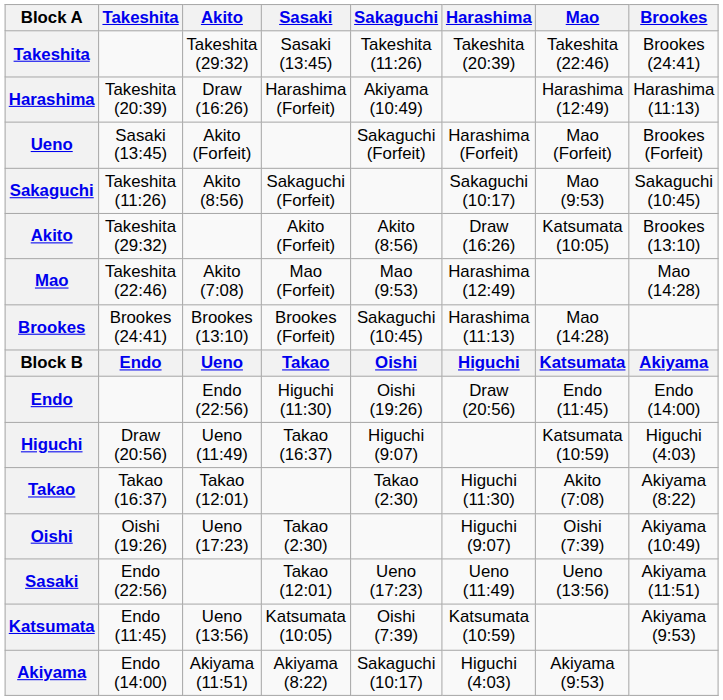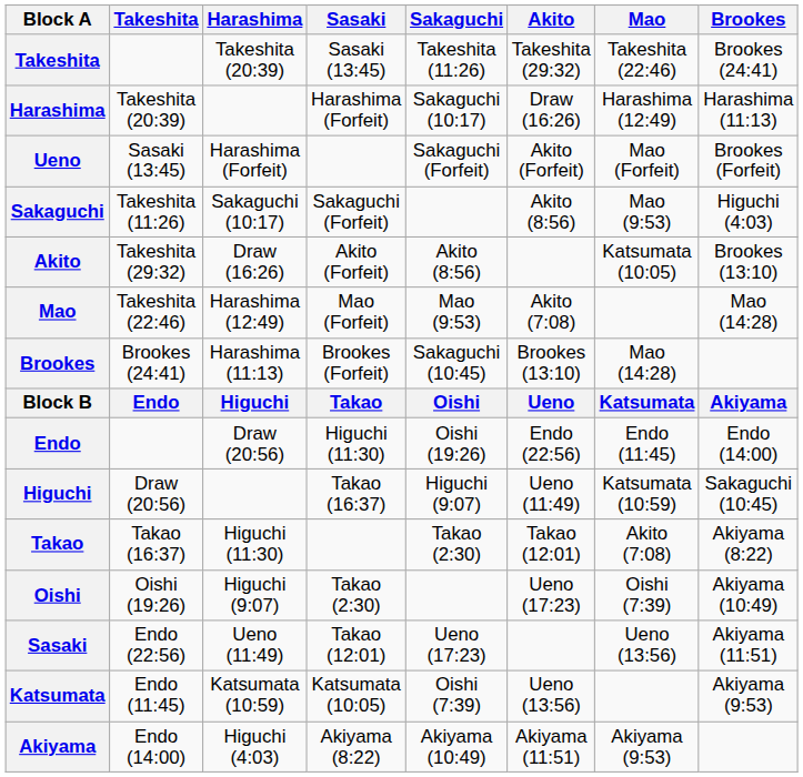 <table class="wikitable" style="margin: 1em auto 1em auto">
 <tr align="center">
 <th>Block A</th>
 <th><a href='#'>Takeshita</a></th>
-<th><a href='#'>Akito</a></th>
+<th><a href='#'>Harashima</a></th>
 <th><a href='#'>Sasaki</a></th>
 <th><a href='#'>Sakaguchi</a></th>
-<th><a href='#'>Harashima</a></th>
+<th><a href='#'>Akito</a></th>
 <th><a href='#'>Mao</a></th>
 <th><a href='#'>Brookes</a></th>
 </tr>
 <tr align="center">
 <th><a href='#'>Takeshita</a></th>
 <td></td>
-<td>Takeshita<br>(29:32)</td>
+<td>Takeshita<br>(20:39)</td>
 <td>Sasaki<br>(13:45)</td>
 <td>Takeshita<br>(11:26)</td>
-<td>Takeshita<br>(20:39)</td>
+<td>Takeshita<br>(29:32)</td>
 <td>Takeshita<br>(22:46)</td>
 <td>Brookes<br>(24:41)</td>
 </tr>
 <tr align="center">
 <th><a href='#'>Harashima</a></th>
 <td>Takeshita<br>(20:39)</td>
+<td></td>
+<td>Harashima<br>(Forfeit)</td>
+<td>Sakaguchi<br>(10:17)</td>
 <td>Draw<br>(16:26)</td>
-<td>Harashima<br>(Forfeit)</td>
-<td>Akiyama<br>(10:49)</td>
-<td></td>
 <td>Harashima<br>(12:49)</td>
 <td>Harashima<br>(11:13)</td>
 </tr>
 <tr align="center">
 <th><a href='#'>Ueno</a></th>
 <td>Sasaki<br>(13:45)</td>
-<td>Akito<br>(Forfeit)</td>
+<td>Harashima<br>(Forfeit)</td>
 <td></td>
 <td>Sakaguchi<br>(Forfeit)</td>
-<td>Harashima<br>(Forfeit)</td>
+<td>Akito<br>(Forfeit)</td>
 <td>Mao<br>(Forfeit)</td>
 <td>Brookes<br>(Forfeit)</td>
 </tr>
 <tr align="center">
 <th><a href='#'>Sakaguchi</a></th>
 <td>Takeshita<br>(11:26)</td>
-<td>Akito<br>(8:56)</td>
+<td>Sakaguchi<br>(10:17)</td>
 <td>Sakaguchi<br>(Forfeit)</td>
 <td></td>
-<td>Sakaguchi<br>(10:17)</td>
+<td>Akito<br>(8:56)</td>
 <td>Mao<br>(9:53)</td>
-<td>Sakaguchi<br>(10:45)</td>
+<td>Higuchi<br>(4:03)</td>
 </tr>
 <tr align="center">
 <th><a href='#'>Akito</a></th>
 <td>Takeshita<br>(29:32)</td>
-<td></td>
+<td>Draw<br>(16:26)</td>
 <td>Akito<br>(Forfeit)</td>
 <td>Akito<br>(8:56)</td>
-<td>Draw<br>(16:26)</td>
+<td></td>
 <td>Katsumata<br>(10:05)</td>
 <td>Brookes<br>(13:10)</td>
 </tr>
 <tr align="center">
 <th><a href='#'>Mao</a></th>
 <td>Takeshita<br>(22:46)</td>
-<td>Akito<br>(7:08)</td>
+<td>Harashima<br>(12:49)</td>
 <td>Mao<br>(Forfeit)</td>
 <td>Mao<br>(9:53)</td>
-<td>Harashima<br>(12:49)</td>
+<td>Akito<br>(7:08)</td>
 <td></td>
 <td>Mao<br>(14:28)</td>
 </tr>
 <tr align="center">
 <th><a href='#'>Brookes</a></th>
 <td>Brookes<br>(24:41)</td>
-<td>Brookes<br>(13:10)</td>
+<td>Harashima<br>(11:13)</td>
 <td>Brookes<br>(Forfeit)</td>
 <td>Sakaguchi<br>(10:45)</td>
-<td>Harashima<br>(11:13)</td>
+<td>Brookes<br>(13:10)</td>
 <td>Mao<br>(14:28)</td>
 <td></td>
 </tr>
 <tr align="center">
 <th>Block B</th>
 <th><a href='#'>Endo</a></th>
-<th><a href='#'>Ueno</a></th>
+<th><a href='#'>Higuchi</a></th>
 <th><a href='#'>Takao</a></th>
 <th><a href='#'>Oishi</a></th>
-<th><a href='#'>Higuchi</a></th>
+<th><a href='#'>Ueno</a></th>
 <th><a href='#'>Katsumata</a></th>
 <th><a href='#'>Akiyama</a></th>
 </tr>
 <tr align="center">
 <th><a href='#'>Endo</a></th>
 <td></td>
-<td>Endo<br>(22:56)</td>
+<td>Draw<br>(20:56)</td>
 <td>Higuchi<br>(11:30)</td>
 <td>Oishi<br>(19:26)</td>
-<td>Draw<br>(20:56)</td>
+<td>Endo<br>(22:56)</td>
 <td>Endo<br>(11:45)</td>
 <td>Endo<br>(14:00)</td>
 </tr>
 <tr align="center">
 <th><a href='#'>Higuchi</a></th>
 <td>Draw<br>(20:56)</td>
-<td>Ueno<br>(11:49)</td>
+<td></td>
 <td>Takao<br>(16:37)</td>
 <td>Higuchi<br>(9:07)</td>
-<td></td>
+<td>Ueno<br>(11:49)</td>
 <td>Katsumata<br>(10:59)</td>
-<td>Higuchi<br>(4:03)</td>
+<td>Sakaguchi<br>(10:45)</td>
 </tr>
 <tr align="center">
 <th><a href='#'>Takao</a></th>
 <td>Takao<br>(16:37)</td>
-<td>Takao<br>(12:01)</td>
+<td>Higuchi<br>(11:30)</td>
 <td></td>
 <td>Takao<br>(2:30)</td>
-<td>Higuchi<br>(11:30)</td>
+<td>Takao<br>(12:01)</td>
 <td>Akito<br>(7:08)</td>
 <td>Akiyama<br>(8:22)</td>
 </tr>
 <tr align="center">
 <th><a href='#'>Oishi</a></th>
 <td>Oishi<br>(19:26)</td>
-<td>Ueno<br>(17:23)</td>
+<td>Higuchi<br>(9:07)</td>
 <td>Takao<br>(2:30)</td>
 <td></td>
-<td>Higuchi<br>(9:07)</td>
+<td>Ueno<br>(17:23)</td>
 <td>Oishi<br>(7:39)</td>
 <td>Akiyama<br>(10:49)</td>
 </tr>
 <tr align="center">
 <th><a href='#'>Sasaki</a></th>
 <td>Endo<br>(22:56)</td>
-<td></td>
+<td>Ueno<br>(11:49)</td>
 <td>Takao<br>(12:01)</td>
 <td>Ueno<br>(17:23)</td>
-<td>Ueno<br>(11:49)</td>
+<td></td>
 <td>Ueno<br>(13:56)</td>
 <td>Akiyama<br>(11:51)</td>
 </tr>
 <tr align="center">
 <th><a href='#'>Katsumata</a></th>
 <td>Endo<br>(11:45)</td>
-<td>Ueno<br>(13:56)</td>
+<td>Katsumata<br>(10:59)</td>
 <td>Katsumata<br>(10:05)</td>
 <td>Oishi<br>(7:39)</td>
-<td>Katsumata<br>(10:59)</td>
+<td>Ueno<br>(13:56)</td>
 <td></td>
 <td>Akiyama<br>(9:53)</td>
 </tr>
 <tr align="center">
 <th><a href='#'>Akiyama</a></th>
 <td>Endo<br>(14:00)</td>
+<td>Higuchi<br>(4:03)</td>
+<td>Akiyama<br>(8:22)</td>
+<td>Akiyama<br>(10:49)</td>
 <td>Akiyama<br>(11:51)</td>
-<td>Akiyama<br>(8:22)</td>
-<td>Sakaguchi<br>(10:17)</td>
-<td>Higuchi<br>(4:03)</td>
 <td>Akiyama<br>(9:53)</td>
 <td></td>
 </tr>
 </table>
